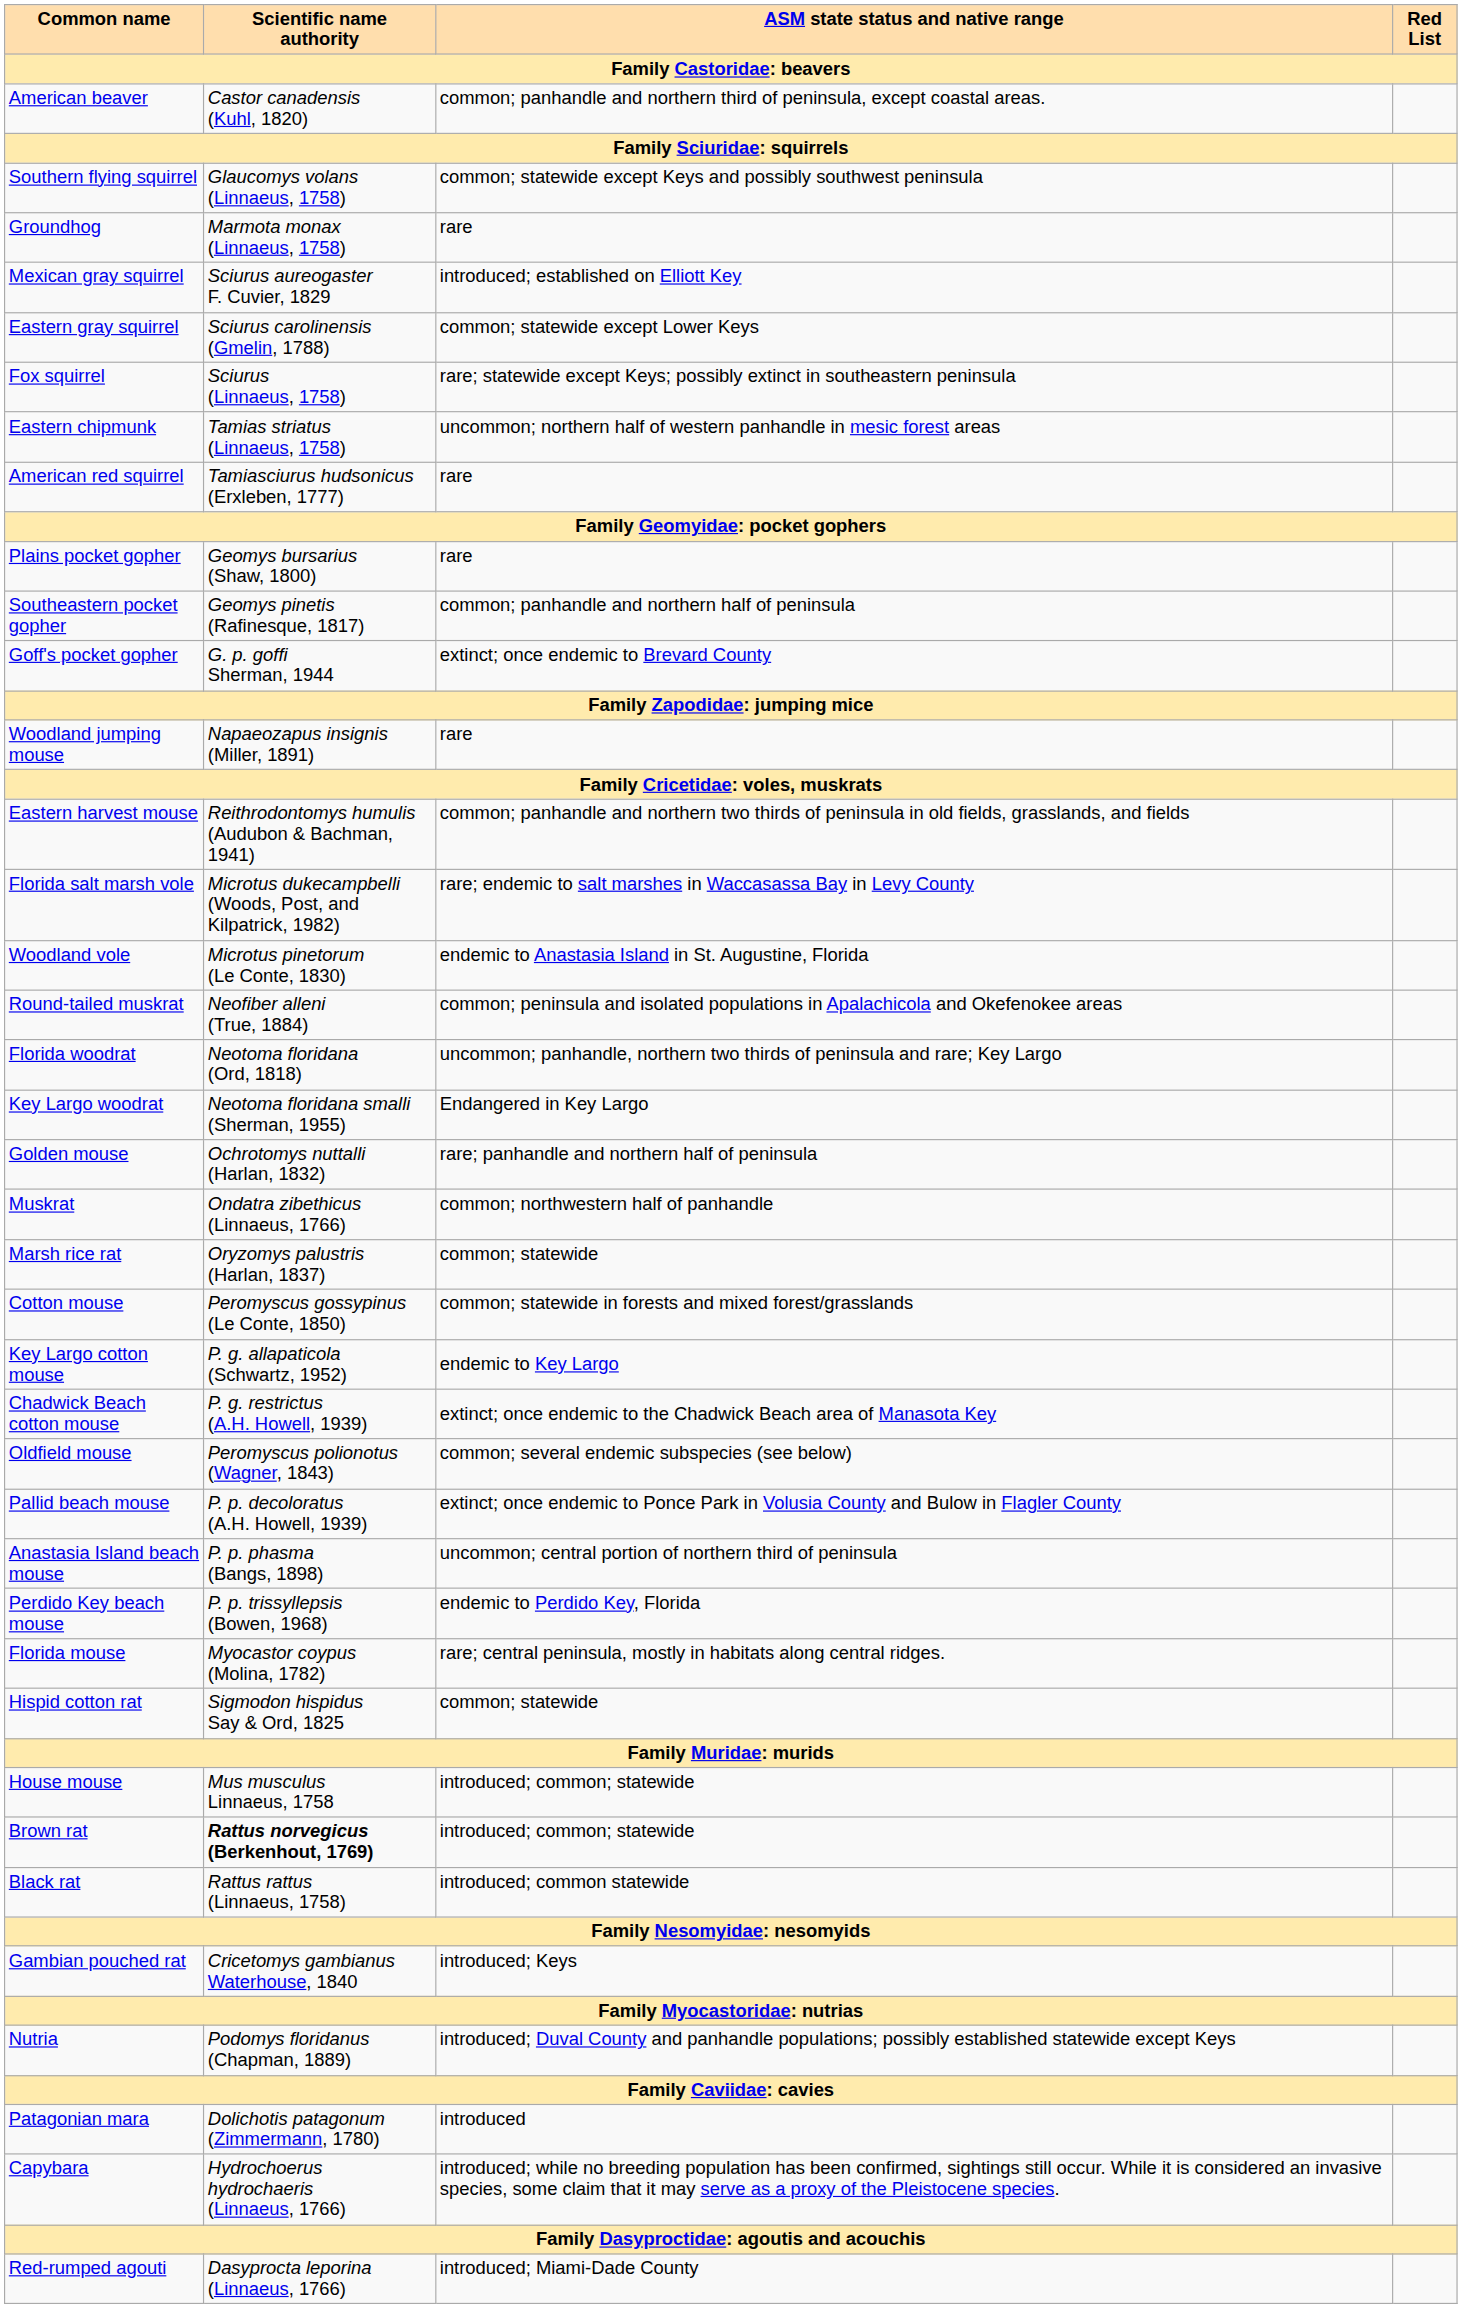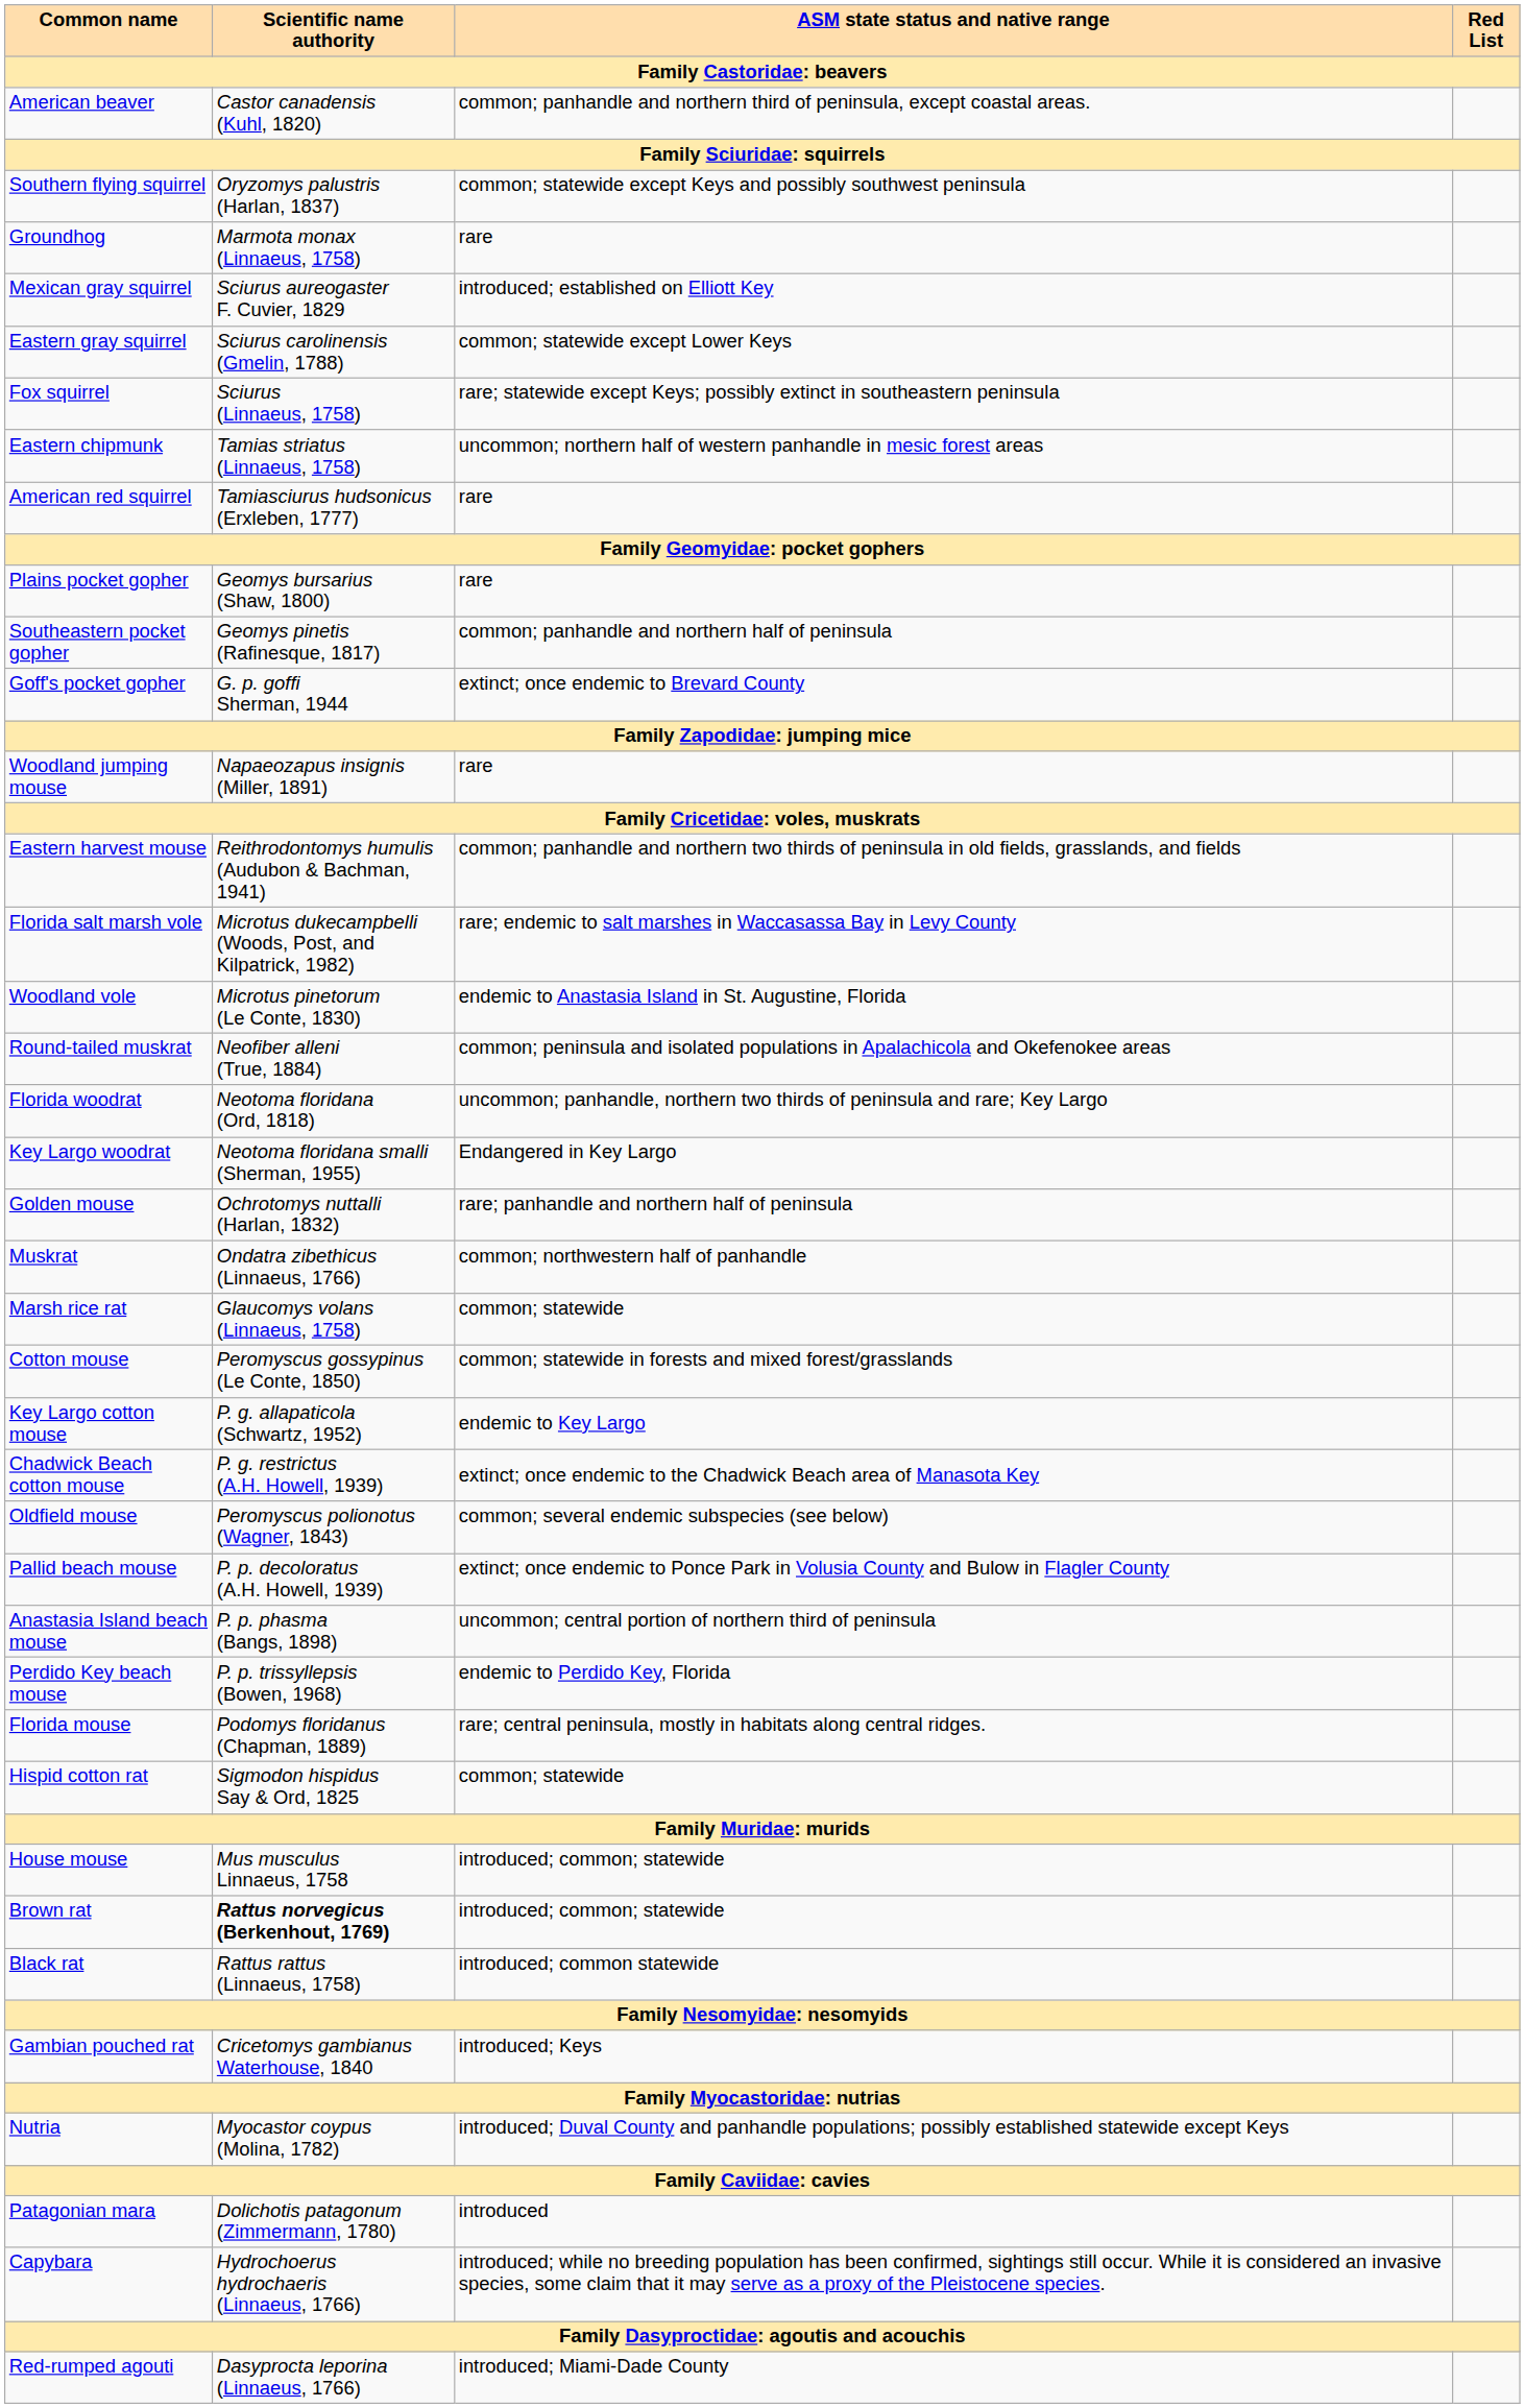 <table class="wikitable" style="width:100%; text-align:left;">
 <tr valign="top">
 <th style=background:navajowhite>Common name</th>
 <th style=background:navajowhite>Scientific name<br>authority</th>
 <th style=background:navajowhite><a href='#'>ASM</a> state status and native range</th>
 <th style=background:navajowhite>Red List</th>
 </tr>
 <tr>
 <td style="text-align:center;" bgcolor="#ffebad" colspan=5><strong>Family <a href='#'>Castoridae</a>: beavers</strong></td>
 </tr>
 <tr valign="top">
 <td><a href='#'>American beaver</a><br></td>
 <td><em>Castor canadensis</em><br>(<a href='#'>Kuhl</a>, 1820)</td>
 <td>common; panhandle and northern third of peninsula, except coastal areas.</td>
 <td><br></td>
 </tr>
 <tr>
 <td style="text-align:center;" bgcolor="#ffebad" colspan=5><strong>Family <a href='#'>Sciuridae</a>: squirrels</strong></td>
 </tr>
 <tr valign="top">
 <td><a href='#'>Southern flying squirrel</a><br></td>
-<td><em>Glaucomys volans</em><br>(<a href='#'>Linnaeus</a>, <a href='#'>1758</a>)</td>
+<td><em>Oryzomys palustris</em><br>(Harlan, 1837)</td>
 <td>common; statewide except Keys and possibly southwest peninsula</td>
 <td><br></td>
 </tr>
 <tr valign="top">
 <td><a href='#'>Groundhog</a><br></td>
 <td><em>Marmota monax</em><br>(<a href='#'>Linnaeus</a>, <a href='#'>1758</a>)</td>
 <td>rare</td>
 <td><br></td>
 </tr>
 <tr valign="top">
 <td><a href='#'>Mexican gray squirrel</a><br></td>
 <td><em>Sciurus aureogaster</em><br>F. Cuvier, 1829</td>
 <td>introduced; established on <a href='#'>Elliott Key</a></td>
 <td><br></td>
 </tr>
 <tr valign="top">
 <td><a href='#'>Eastern gray squirrel</a><br></td>
 <td><em>Sciurus carolinensis</em><br>(<a href='#'>Gmelin</a>, 1788)</td>
 <td>common; statewide except Lower Keys</td>
 <td><br></td>
 </tr>
 <tr valign="top">
 <td><a href='#'>Fox squirrel</a><br></td>
 <td><em>Sciurus </em><br>(<a href='#'>Linnaeus</a>, <a href='#'>1758</a>)</td>
 <td>rare; statewide except Keys; possibly extinct in southeastern peninsula</td>
 <td><br></td>
 </tr>
 <tr valign="top">
 <td><a href='#'>Eastern chipmunk</a><br></td>
 <td><em>Tamias striatus</em><br>(<a href='#'>Linnaeus</a>, <a href='#'>1758</a>)</td>
 <td>uncommon; northern half of western panhandle in <a href='#'>mesic forest</a> areas</td>
 <td><br></td>
 </tr>
 <tr valign="top">
 <td><a href='#'>American red squirrel</a><br></td>
 <td><em>Tamiasciurus hudsonicus</em><br>(Erxleben, 1777)</td>
 <td>rare</td>
 <td><br></td>
 </tr>
 <tr>
 <td style="text-align:center;" bgcolor="#ffebad" colspan=5><strong>Family <a href='#'>Geomyidae</a>: pocket gophers</strong></td>
 </tr>
 <tr valign="top">
 <td><a href='#'>Plains pocket gopher</a><br></td>
 <td><em>Geomys bursarius</em><br>(Shaw, 1800)</td>
 <td>rare</td>
 <td><br></td>
 </tr>
 <tr valign="top">
 <td><a href='#'>Southeastern pocket gopher</a><br></td>
 <td><em>Geomys pinetis</em><br>(Rafinesque, 1817)</td>
 <td>common; panhandle and northern half of peninsula</td>
 <td><br></td>
 </tr>
 <tr valign="top">
 <td><a href='#'>Goff's pocket gopher</a></td>
 <td><em>G. p. goffi</em><br>Sherman, 1944</td>
 <td>extinct; once endemic to <a href='#'>Brevard County</a></td>
 <td><br></td>
 </tr>
 <tr>
 <td style="text-align:center;" bgcolor="#ffebad" colspan=5><strong>Family <a href='#'>Zapodidae</a>: jumping mice</strong></td>
 </tr>
 <tr valign="top">
 <td><a href='#'>Woodland jumping mouse</a><br></td>
 <td><em>Napaeozapus insignis</em><br>(Miller, 1891)</td>
 <td>rare</td>
 <td><br></td>
 </tr>
 <tr>
 <td style="text-align:center;" bgcolor="#ffebad" colspan=5><strong>Family <a href='#'>Cricetidae</a>: voles, muskrats</strong></td>
 </tr>
 <tr valign="top">
 <td><a href='#'>Eastern harvest mouse</a><br></td>
 <td><em>Reithrodontomys humulis</em><br>(Audubon & Bachman, 1941)</td>
 <td>common; panhandle and northern two thirds of peninsula in old fields, grasslands, and fields</td>
 <td><br></td>
 </tr>
 <tr valign="top">
 <td><a href='#'>Florida salt marsh vole</a><br></td>
 <td><em>Microtus dukecampbelli</em><br>(Woods, Post, and Kilpatrick, 1982)</td>
 <td>rare; endemic to <a href='#'>salt marshes</a> in <a href='#'>Waccasassa Bay</a> in <a href='#'>Levy County</a></td>
 <td></td>
 </tr>
 <tr valign="top">
 <td><a href='#'>Woodland vole</a><br></td>
 <td><em>Microtus pinetorum</em><br>(Le Conte, 1830)</td>
 <td>endemic to <a href='#'>Anastasia Island</a> in St. Augustine, Florida</td>
 <td><br></td>
 </tr>
 <tr valign="top">
 <td><a href='#'>Round-tailed muskrat</a><br></td>
 <td><em>Neofiber alleni</em><br>(True, 1884)</td>
 <td>common; peninsula and isolated populations in <a href='#'>Apalachicola</a> and Okefenokee areas</td>
 <td><br></td>
 </tr>
 <tr valign="top">
 <td><a href='#'>Florida woodrat</a><br></td>
 <td><em>Neotoma floridana</em><br>(Ord, 1818)</td>
 <td>uncommon; panhandle, northern two thirds of peninsula and rare; Key Largo</td>
 <td><br></td>
 </tr>
 <tr valign="top">
 <td><a href='#'>Key Largo woodrat</a><br></td>
 <td><em>Neotoma floridana smalli</em><br>(Sherman, 1955)</td>
 <td>Endangered in Key Largo</td>
 <td><br></td>
 </tr>
 <tr valign="top">
 <td><a href='#'>Golden mouse</a></td>
 <td><em>Ochrotomys nuttalli</em><br>(Harlan, 1832)</td>
 <td>rare; panhandle and northern half of peninsula</td>
 <td><br></td>
 </tr>
 <tr valign="top">
 <td><a href='#'>Muskrat</a><br></td>
 <td><em>Ondatra zibethicus</em><br>(Linnaeus, 1766)</td>
 <td>common; northwestern half of panhandle</td>
 <td><br></td>
 </tr>
 <tr valign="top">
 <td><a href='#'>Marsh rice rat</a><br></td>
-<td><em>Oryzomys palustris</em><br>(Harlan, 1837)</td>
+<td><em>Glaucomys volans</em><br>(<a href='#'>Linnaeus</a>, <a href='#'>1758</a>)</td>
 <td>common; statewide</td>
 <td><br></td>
 </tr>
 <tr valign="top">
 <td><a href='#'>Cotton mouse</a><br></td>
 <td><em>Peromyscus gossypinus</em><br>(Le Conte, 1850)</td>
 <td>common; statewide in forests and mixed forest/grasslands</td>
 <td><br></td>
 </tr>
 <tr>
 <td><a href='#'>Key Largo cotton mouse</a></td>
 <td><em>P. g. allapaticola</em><br>(Schwartz, 1952)</td>
 <td>endemic to <a href='#'>Key Largo</a></td>
 <td></td>
 </tr>
 <tr>
 <td><a href='#'>Chadwick Beach cotton mouse</a></td>
 <td><em>P. g. restrictus</em><br>(<a href='#'>A.H. Howell</a>, 1939)</td>
 <td>extinct; once endemic to the Chadwick Beach area of <a href='#'>Manasota Key</a></td>
 <td></td>
 </tr>
 <tr valign="top">
 <td><a href='#'>Oldfield mouse</a><br></td>
 <td><em>Peromyscus polionotus</em><br>(<a href='#'>Wagner</a>, 1843)</td>
 <td>common; several endemic subspecies (see below)</td>
 <td></td>
 </tr>
 <tr valign="top">
 <td><a href='#'>Pallid beach mouse</a></td>
 <td><em>P. p. decoloratus</em><br>(A.H. Howell, 1939)</td>
 <td>extinct; once endemic to Ponce Park in <a href='#'>Volusia County</a> and Bulow in <a href='#'>Flagler County</a></td>
 <td><br></td>
 </tr>
 <tr valign="top">
 <td><a href='#'>Anastasia Island beach mouse</a><br></td>
 <td><em>P. p. phasma</em><br>(Bangs, 1898)</td>
 <td>uncommon; central portion of northern third of peninsula</td>
 <td><br></td>
 </tr>
 <tr valign="top">
 <td><a href='#'>Perdido Key beach mouse</a><br></td>
 <td><em>P. p. trissyllepsis</em><br>(Bowen, 1968)</td>
 <td>endemic to <a href='#'>Perdido Key</a>, Florida</td>
 <td><br></td>
 </tr>
 <tr valign="top">
 <td><a href='#'>Florida mouse</a></td>
-<td><em>Myocastor coypus</em><br>(Molina, 1782)</td>
+<td><em>Podomys floridanus</em><br>(Chapman, 1889)</td>
 <td>rare; central peninsula, mostly in habitats along central ridges.</td>
 <td></td>
 </tr>
 <tr valign="top">
 <td><a href='#'>Hispid cotton rat</a><br></td>
 <td><em>Sigmodon hispidus</em><br>Say & Ord, 1825</td>
 <td>common; statewide</td>
 <td><br></td>
 </tr>
 <tr>
 <td style="text-align:center;" bgcolor="#ffebad" colspan=5><strong>Family <a href='#'>Muridae</a>: murids</strong></td>
 </tr>
 <tr valign="top">
 <td><a href='#'>House mouse</a><br></td>
 <td><em>Mus musculus</em><br>Linnaeus, 1758</td>
 <td>introduced; common; statewide</td>
 <td><br></td>
 </tr>
 <tr valign="top">
 <td><a href='#'>Brown rat</a><br></td>
 <td><strong><em>Rattus norvegicus</em><br>(Berkenhout, 1769)</strong></td>
 <td>introduced; common; statewide</td>
 <td><br></td>
 </tr>
 <tr valign="top">
 <td><a href='#'>Black rat</a><br></td>
 <td><em>Rattus rattus</em><br>(Linnaeus, 1758)</td>
 <td>introduced; common statewide</td>
 <td><br></td>
 </tr>
 <tr>
 <td style="text-align:center;" bgcolor="#ffebad" colspan=5><strong>Family <a href='#'>Nesomyidae</a>: nesomyids</strong></td>
 </tr>
 <tr valign="top">
 <td><a href='#'>Gambian pouched rat</a><br></td>
 <td><em>Cricetomys gambianus</em><br><a href='#'>Waterhouse</a>, 1840</td>
 <td>introduced; Keys</td>
 <td><br></td>
 </tr>
 <tr>
 <td style="text-align:center;" bgcolor="#ffebad" colspan=5><strong>Family <a href='#'>Myocastoridae</a>: nutrias</strong></td>
 </tr>
 <tr valign="top">
 <td><a href='#'>Nutria</a><br></td>
-<td><em>Podomys floridanus</em><br>(Chapman, 1889)</td>
+<td><em>Myocastor coypus</em><br>(Molina, 1782)</td>
 <td>introduced; <a href='#'>Duval County</a> and panhandle populations; possibly established statewide except Keys</td>
 <td><br></td>
 </tr>
 <tr>
 <td style="text-align:center;" bgcolor="#ffebad" colspan=5><strong>Family <a href='#'>Caviidae</a>: cavies</strong></td>
 </tr>
 <tr valign="top">
 <td><a href='#'>Patagonian mara</a><br></td>
 <td><em>Dolichotis patagonum</em><br>(<a href='#'>Zimmermann</a>, 1780)</td>
 <td>introduced</td>
 <td><br></td>
 </tr>
 <tr valign="top">
 <td><a href='#'>Capybara</a><br></td>
 <td><em>Hydrochoerus hydrochaeris</em><br>(<a href='#'>Linnaeus</a>, 1766)</td>
 <td>introduced; while no breeding population has been confirmed, sightings still occur. While it is considered an invasive species, some claim that it may <a href='#'>serve as a proxy of the Pleistocene species</a>.</td>
 <td><br></td>
 </tr>
 <tr>
 <td style="text-align:center;" bgcolor="#ffebad" colspan=5><strong>Family <a href='#'>Dasyproctidae</a>: agoutis and acouchis</strong></td>
 </tr>
 <tr valign="top">
 <td><a href='#'>Red-rumped agouti</a><br></td>
 <td><em>Dasyprocta leporina</em><br>(<a href='#'>Linnaeus</a>, 1766)</td>
 <td>introduced; Miami-Dade County</td>
 <td><br></td>
 </tr>
 </table>
